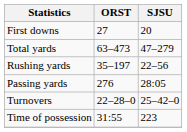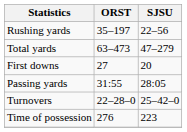 <table class="wikitable" style="float: left;">
 <tr>
 <th>Statistics</th>
 <th>ORST</th>
 <th>SJSU</th>
 </tr>
 <tr>
-<td>First downs</td>
-<td>27</td>
-<td>20</td>
+<td>Rushing yards</td>
+<td>35–197</td>
+<td>22–56</td>
 </tr>
 <tr>
 <td>Total yards</td>
 <td>63–473</td>
 <td>47–279</td>
 </tr>
 <tr>
-<td>Rushing yards</td>
-<td>35–197</td>
-<td>22–56</td>
+<td>First downs</td>
+<td>27</td>
+<td>20</td>
 </tr>
 <tr>
 <td>Passing yards</td>
-<td>276</td>
+<td>31:55</td>
 <td>28:05</td>
 </tr>
 <tr>
 <td>Turnovers</td>
 <td>22–28–0</td>
 <td>25–42–0</td>
 </tr>
 <tr>
 <td>Time of possession</td>
-<td>31:55</td>
+<td>276</td>
 <td>223</td>
 </tr>
 <tr>
 </tr>
 </table>
